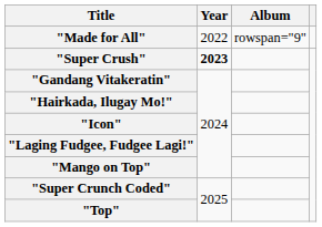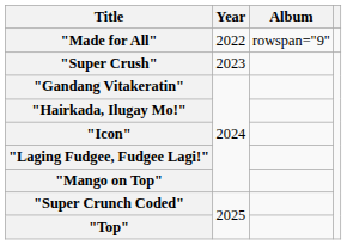 <table class="wikitable plainrowheaders" style="text-align:center;">
 <tr>
 <th scope="col">Title</th>
 <th scope="col">Year</th>
 <th scope="col">Album</th>
 <th scope="col"></th>
 </tr>
 <tr>
 <th scope="row">"Made for All"</th>
 <td>2022</td>
 <td>rowspan="9" </td>
 <td></td>
 </tr>
 <tr>
 <th scope="row">"Super Crush"</th>
-<td><strong>2023</strong></td>
+<td>2023</td>
 <td></td>
 </tr>
 <tr>
 <th scope="row">"Gandang Vitakeratin"</th>
 <td rowspan="5">2024</td>
 <td></td>
 </tr>
 <tr>
 <th scope="row">"Hairkada, Ilugay Mo!"</th>
 <td></td>
 </tr>
 <tr>
 <th scope="row">"Icon"</th>
 <td></td>
 </tr>
 <tr>
 <th scope="row">"Laging Fudgee, Fudgee Lagi!"</th>
 <td></td>
 </tr>
 <tr>
 <th scope="row">"Mango on Top"</th>
 <td></td>
 </tr>
 <tr>
 <th scope="row">"Super Crunch Coded"</th>
 <td rowspan="2">2025</td>
 <td></td>
 </tr>
 <tr>
 <th scope="row">"Top"</th>
 <td></td>
 </tr>
 </table>
